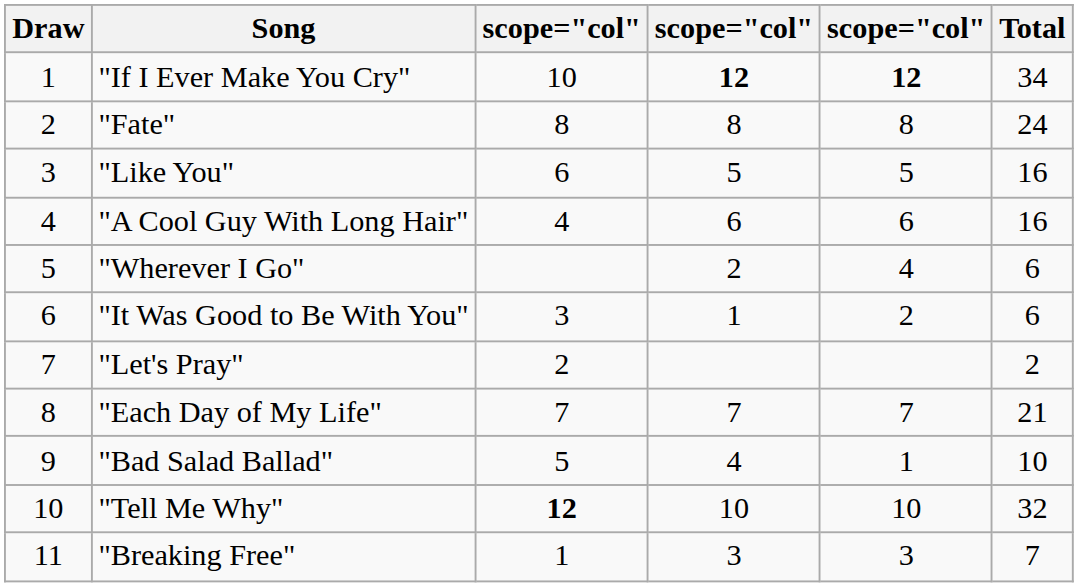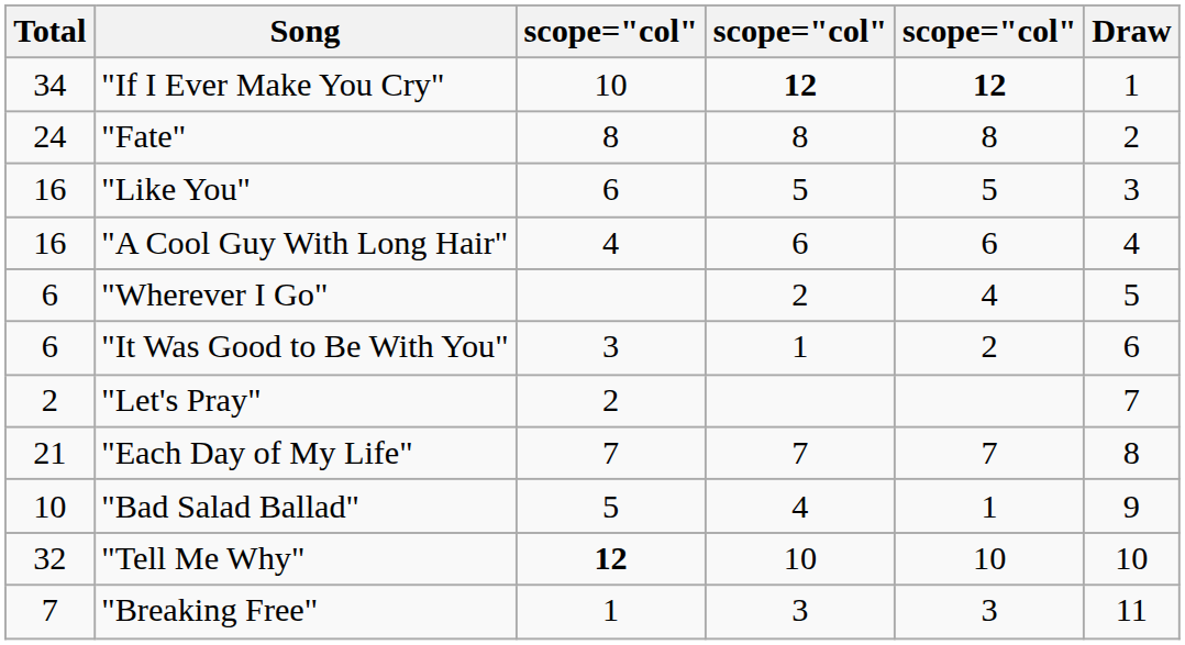 <table class="wikitable collapsible" style="margin: 1em auto 1em auto; text-align:center;">
 <tr>
-<th>Draw</th>
+<th>Total</th>
 <th>Song</th>
 <th>scope="col" </th>
 <th>scope="col" </th>
 <th>scope="col" </th>
-<th>Total</th>
+<th>Draw</th>
 </tr>
 <tr>
-<td>1</td>
+<td>34</td>
 <td align="left">"If I Ever Make You Cry"</td>
 <td>10</td>
 <td><strong>12</strong></td>
 <td><strong>12</strong></td>
-<td>34</td>
+<td>1</td>
 </tr>
 <tr>
-<td>2</td>
+<td>24</td>
 <td align="left">"Fate"</td>
 <td>8</td>
 <td>8</td>
 <td>8</td>
-<td>24</td>
+<td>2</td>
 </tr>
 <tr>
-<td>3</td>
+<td>16</td>
 <td align="left">"Like You"</td>
 <td>6</td>
 <td>5</td>
 <td>5</td>
-<td>16</td>
+<td>3</td>
 </tr>
 <tr>
-<td>4</td>
+<td>16</td>
 <td align="left">"A Cool Guy With Long Hair"</td>
 <td>4</td>
 <td>6</td>
 <td>6</td>
-<td>16</td>
+<td>4</td>
 </tr>
 <tr>
-<td>5</td>
+<td>6</td>
 <td align="left">"Wherever I Go"</td>
 <td></td>
 <td>2</td>
 <td>4</td>
-<td>6</td>
+<td>5</td>
 </tr>
 <tr>
 <td>6</td>
 <td align="left">"It Was Good to Be With You"</td>
 <td>3</td>
 <td>1</td>
 <td>2</td>
 <td>6</td>
 </tr>
 <tr>
-<td>7</td>
+<td>2</td>
 <td align="left">"Let's Pray"</td>
 <td>2</td>
 <td></td>
 <td></td>
-<td>2</td>
+<td>7</td>
 </tr>
 <tr>
-<td>8</td>
+<td>21</td>
 <td align="left">"Each Day of My Life"</td>
 <td>7</td>
 <td>7</td>
 <td>7</td>
-<td>21</td>
+<td>8</td>
 </tr>
 <tr>
-<td>9</td>
+<td>10</td>
 <td align="left">"Bad Salad Ballad"</td>
 <td>5</td>
 <td>4</td>
 <td>1</td>
-<td>10</td>
+<td>9</td>
 </tr>
 <tr>
-<td>10</td>
+<td>32</td>
 <td align="left">"Tell Me Why"</td>
 <td><strong>12</strong></td>
 <td>10</td>
 <td>10</td>
-<td>32</td>
+<td>10</td>
 </tr>
 <tr>
-<td>11</td>
+<td>7</td>
 <td align="left">"Breaking Free"</td>
 <td>1</td>
 <td>3</td>
 <td>3</td>
-<td>7</td>
+<td>11</td>
 </tr>
 </table>
